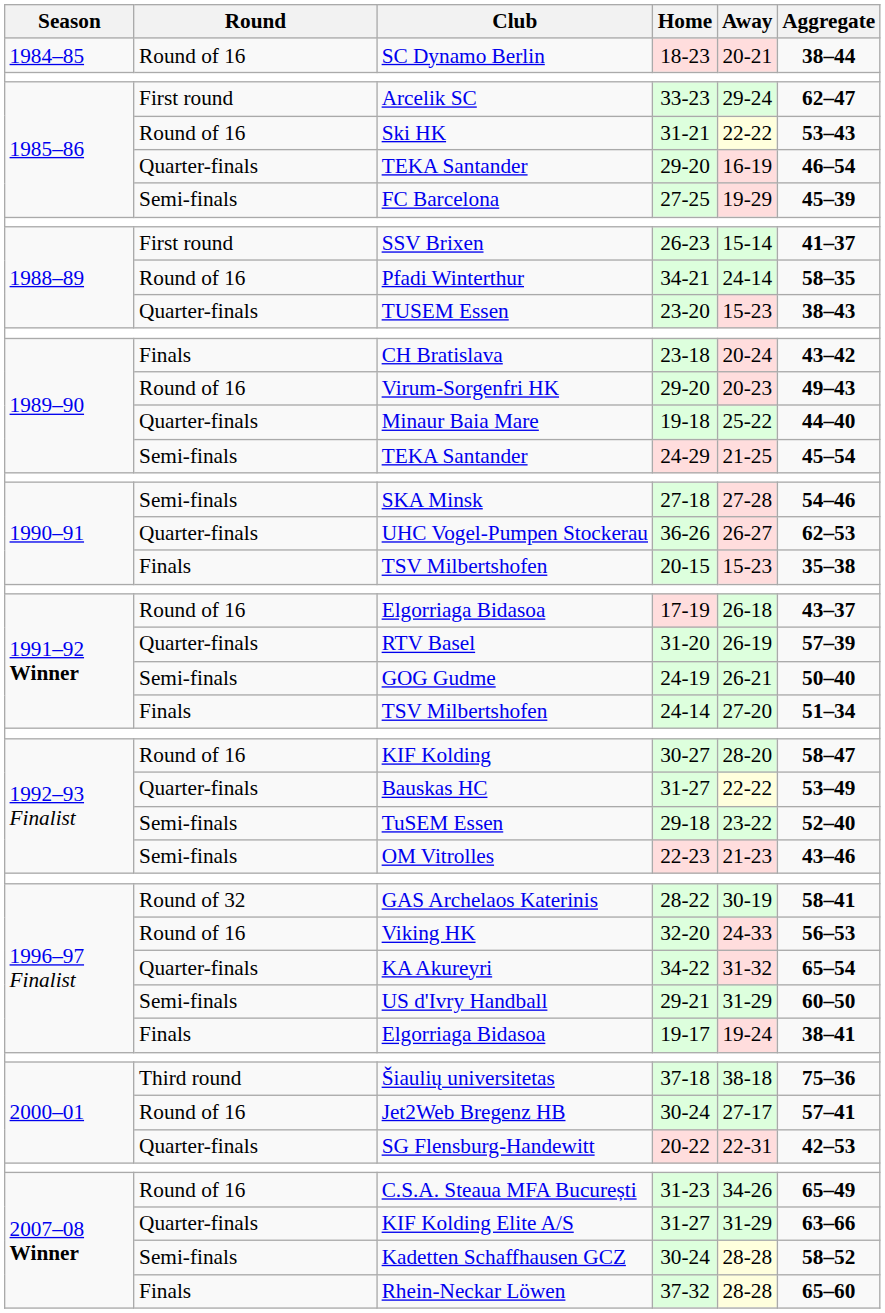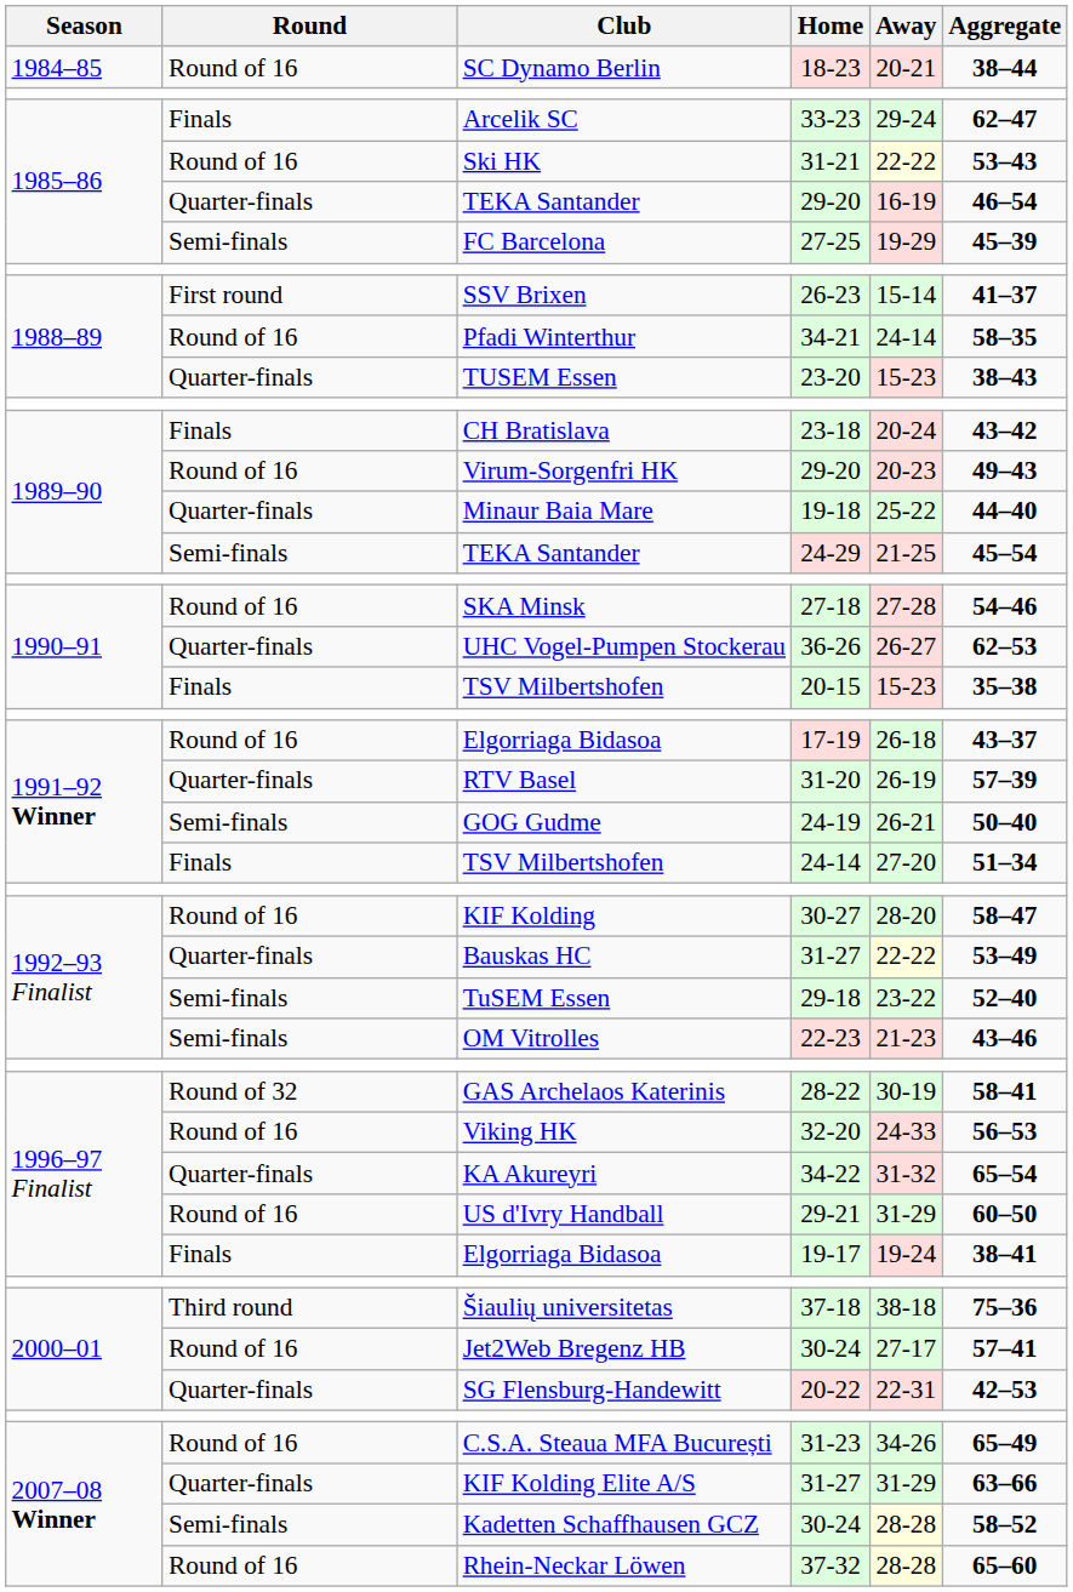 <table class="wikitable">
 <tr>
 <th width=90>Season</th>
 <th width=175>Round</th>
 <th>Club</th>
 <th>Home</th>
 <th>Away</th>
 <th>Aggregate</th>
 </tr>
 <tr>
 <td rowspan=1><a href='#'>1984–85</a></td>
 <td>Round of 16</td>
 <td> <a href='#'>SC Dynamo Berlin</a></td>
 <td style="text-align:center; background:#fdd;">18-23</td>
 <td style="text-align:center; background:#fdd;">20-21</td>
 <td style="text-align:center;"><strong>38–44</strong></td>
 </tr>
 <tr>
 <td colspan=7 style="text-align: center;" bgcolor=white></td>
 </tr>
 <tr>
 <td rowspan=4><a href='#'>1985–86</a></td>
-<td>First round</td>
+<td>Finals</td>
 <td> <a href='#'>Arcelik SC</a></td>
 <td style="text-align:center; background:#dfd;">33-23</td>
 <td style="text-align:center; background:#dfd;">29-24</td>
 <td style="text-align:center;"><strong>62–47</strong></td>
 </tr>
 <tr>
 <td>Round of 16</td>
 <td> <a href='#'>Ski HK</a></td>
 <td style="text-align:center; background:#dfd;">31-21</td>
 <td style="text-align:center; background:#ffd;">22-22</td>
 <td style="text-align:center;"><strong>53–43</strong></td>
 </tr>
 <tr>
 <td>Quarter-finals</td>
 <td> <a href='#'>TEKA Santander</a></td>
 <td style="text-align:center; background:#dfd;">29-20</td>
 <td style="text-align:center; background:#fdd;">16-19</td>
 <td style="text-align:center;"><strong>46–54</strong></td>
 </tr>
 <tr>
 <td>Semi-finals</td>
 <td> <a href='#'>FC Barcelona</a></td>
 <td style="text-align:center; background:#dfd;">27-25</td>
 <td style="text-align:center; background:#fdd;">19-29</td>
 <td style="text-align:center;"><strong>45–39</strong></td>
 </tr>
 <tr>
 <td colspan=7 style="text-align: center;" bgcolor=white></td>
 </tr>
 <tr>
 <td rowspan=3><a href='#'>1988–89</a></td>
 <td>First round</td>
 <td> <a href='#'>SSV Brixen</a></td>
 <td style="text-align:center; background:#dfd;">26-23</td>
 <td style="text-align:center; background:#dfd;">15-14</td>
 <td style="text-align:center;"><strong>41–37</strong></td>
 </tr>
 <tr>
 <td>Round of 16</td>
 <td> <a href='#'>Pfadi Winterthur</a></td>
 <td style="text-align:center; background:#dfd;">34-21</td>
 <td style="text-align:center; background:#dfd;">24-14</td>
 <td style="text-align:center;"><strong>58–35</strong></td>
 </tr>
 <tr>
 <td>Quarter-finals</td>
 <td> <a href='#'>TUSEM Essen</a></td>
 <td style="text-align:center; background:#dfd;">23-20</td>
 <td style="text-align:center; background:#fdd;">15-23</td>
 <td style="text-align:center;"><strong>38–43</strong></td>
 </tr>
 <tr>
 <td colspan=7 style="text-align: center;" bgcolor=white></td>
 </tr>
 <tr>
 <td rowspan=4><a href='#'>1989–90</a></td>
 <td>Finals</td>
 <td> <a href='#'>CH Bratislava</a></td>
 <td style="text-align:center; background:#dfd;">23-18</td>
 <td style="text-align:center; background:#fdd;">20-24</td>
 <td style="text-align:center;"><strong>43–42</strong></td>
 </tr>
 <tr>
 <td>Round of 16</td>
 <td> <a href='#'>Virum-Sorgenfri HK</a></td>
 <td style="text-align:center; background:#dfd;">29-20</td>
 <td style="text-align:center; background:#fdd;">20-23</td>
 <td style="text-align:center;"><strong>49–43</strong></td>
 </tr>
 <tr>
 <td>Quarter-finals</td>
 <td> <a href='#'>Minaur Baia Mare</a></td>
 <td style="text-align:center; background:#dfd;">19-18</td>
 <td style="text-align:center; background:#dfd;">25-22</td>
 <td style="text-align:center;"><strong>44–40</strong></td>
 </tr>
 <tr>
 <td>Semi-finals</td>
 <td> <a href='#'>TEKA Santander</a></td>
 <td style="text-align:center; background:#fdd;">24-29</td>
 <td style="text-align:center; background:#fdd;">21-25</td>
 <td style="text-align:center;"><strong>45–54</strong></td>
 </tr>
 <tr>
 <td colspan=7 style="text-align: center;" bgcolor=white></td>
 </tr>
 <tr>
 <td rowspan=3><a href='#'>1990–91</a></td>
-<td>Semi-finals</td>
+<td>Round of 16</td>
 <td> <a href='#'>SKA Minsk</a></td>
 <td style="text-align:center; background:#dfd;">27-18</td>
 <td style="text-align:center; background:#fdd;">27-28</td>
 <td style="text-align:center;"><strong>54–46</strong></td>
 </tr>
 <tr>
 <td>Quarter-finals</td>
 <td> <a href='#'>UHC Vogel-Pumpen Stockerau</a></td>
 <td style="text-align:center; background:#dfd;">36-26</td>
 <td style="text-align:center; background:#fdd;">26-27</td>
 <td style="text-align:center;"><strong>62–53</strong></td>
 </tr>
 <tr>
 <td>Finals</td>
 <td> <a href='#'>TSV Milbertshofen</a></td>
 <td style="text-align:center; background:#dfd;">20-15</td>
 <td style="text-align:center; background:#fdd;">15-23</td>
 <td style="text-align:center;"><strong>35–38</strong></td>
 </tr>
 <tr>
 <td colspan=7 style="text-align: center;" bgcolor=white></td>
 </tr>
 <tr>
 <td rowspan=4><a href='#'>1991–92</a><br> <strong>Winner</strong></td>
 <td>Round of 16</td>
 <td> <a href='#'>Elgorriaga Bidasoa</a></td>
 <td style="text-align:center; background:#fdd;">17-19</td>
 <td style="text-align:center; background:#dfd;">26-18</td>
 <td style="text-align:center;"><strong>43–37</strong></td>
 </tr>
 <tr>
 <td>Quarter-finals</td>
 <td> <a href='#'>RTV Basel</a></td>
 <td style="text-align:center; background:#dfd;">31-20</td>
 <td style="text-align:center; background:#dfd;">26-19</td>
 <td style="text-align:center;"><strong>57–39</strong></td>
 </tr>
 <tr>
 <td>Semi-finals</td>
 <td> <a href='#'>GOG Gudme</a></td>
 <td style="text-align:center; background:#dfd;">24-19</td>
 <td style="text-align:center; background:#dfd;">26-21</td>
 <td style="text-align:center;"><strong>50–40</strong></td>
 </tr>
 <tr>
 <td>Finals</td>
 <td> <a href='#'>TSV Milbertshofen</a></td>
 <td style="text-align:center; background:#dfd;">24-14</td>
 <td style="text-align:center; background:#dfd;">27-20</td>
 <td style="text-align:center;"><strong>51–34</strong></td>
 </tr>
 <tr>
 <td colspan=7 style="text-align: center;" bgcolor=white></td>
 </tr>
 <tr>
 <td rowspan=4><a href='#'>1992–93</a><br> <em>Finalist</em></td>
 <td>Round of 16</td>
 <td> <a href='#'>KIF Kolding</a></td>
 <td style="text-align:center; background:#dfd;">30-27</td>
 <td style="text-align:center; background:#dfd;">28-20</td>
 <td style="text-align:center;"><strong>58–47</strong></td>
 </tr>
 <tr>
 <td>Quarter-finals</td>
 <td> <a href='#'>Bauskas HC</a></td>
 <td style="text-align:center; background:#dfd;">31-27</td>
 <td style="text-align:center; background:#ffd;">22-22</td>
 <td style="text-align:center;"><strong>53–49</strong></td>
 </tr>
 <tr>
 <td>Semi-finals</td>
 <td> <a href='#'>TuSEM Essen</a></td>
 <td style="text-align:center; background:#dfd;">29-18</td>
 <td style="text-align:center; background:#dfd;">23-22</td>
 <td style="text-align:center;"><strong>52–40</strong></td>
 </tr>
 <tr>
 <td>Semi-finals</td>
 <td> <a href='#'>OM Vitrolles</a></td>
 <td style="text-align:center; background:#fdd;">22-23</td>
 <td style="text-align:center; background:#fdd;">21-23</td>
 <td style="text-align:center;"><strong>43–46</strong></td>
 </tr>
 <tr>
 <td colspan=7 style="text-align: center;" bgcolor=white></td>
 </tr>
 <tr>
 <td rowspan=5><a href='#'>1996–97</a><br> <em>Finalist</em></td>
 <td>Round of 32</td>
 <td> <a href='#'>GAS Archelaos Katerinis</a></td>
 <td style="text-align:center; background:#dfd;">28-22</td>
 <td style="text-align:center; background:#dfd;">30-19</td>
 <td style="text-align:center;"><strong>58–41</strong></td>
 </tr>
 <tr>
 <td>Round of 16</td>
 <td> <a href='#'>Viking HK</a></td>
 <td style="text-align:center; background:#dfd;">32-20</td>
 <td style="text-align:center; background:#fdd;">24-33</td>
 <td style="text-align:center;"><strong>56–53</strong></td>
 </tr>
 <tr>
 <td>Quarter-finals</td>
 <td> <a href='#'>KA Akureyri</a></td>
 <td style="text-align:center; background:#dfd;">34-22</td>
 <td style="text-align:center; background:#fdd;">31-32</td>
 <td style="text-align:center;"><strong>65–54</strong></td>
 </tr>
 <tr>
-<td>Semi-finals</td>
+<td>Round of 16</td>
 <td> <a href='#'>US d'Ivry Handball</a></td>
 <td style="text-align:center; background:#dfd;">29-21</td>
 <td style="text-align:center; background:#dfd;">31-29</td>
 <td style="text-align:center;"><strong>60–50</strong></td>
 </tr>
 <tr>
 <td>Finals</td>
 <td> <a href='#'>Elgorriaga Bidasoa</a></td>
 <td style="text-align:center; background:#dfd;">19-17</td>
 <td style="text-align:center; background:#fdd;">19-24</td>
 <td style="text-align:center;"><strong>38–41</strong></td>
 </tr>
 <tr>
 <td colspan=7 style="text-align: center;" bgcolor=white></td>
 </tr>
 <tr>
 <td rowspan=3><a href='#'>2000–01</a></td>
 <td>Third round</td>
 <td> <a href='#'>Šiaulių universitetas</a></td>
 <td style="text-align:center; background:#dfd;">37-18</td>
 <td style="text-align:center; background:#dfd;">38-18</td>
 <td style="text-align:center;"><strong>75–36</strong></td>
 </tr>
 <tr>
 <td>Round of 16</td>
 <td> <a href='#'>Jet2Web Bregenz HB</a></td>
 <td style="text-align:center; background:#dfd;">30-24</td>
 <td style="text-align:center; background:#dfd;">27-17</td>
 <td style="text-align:center;"><strong>57–41</strong></td>
 </tr>
 <tr>
 <td>Quarter-finals</td>
 <td> <a href='#'>SG Flensburg-Handewitt</a></td>
 <td style="text-align:center; background:#fdd;">20-22</td>
 <td style="text-align:center; background:#fdd;">22-31</td>
 <td style="text-align:center;"><strong>42–53</strong></td>
 </tr>
 <tr>
 <td colspan=7 style="text-align: center;" bgcolor=white></td>
 </tr>
 <tr>
 <td rowspan=4><a href='#'>2007–08</a><br> <strong>Winner</strong></td>
 <td>Round of 16</td>
 <td> <a href='#'>C.S.A. Steaua MFA București</a></td>
 <td style="text-align:center; background:#dfd;">31-23</td>
 <td style="text-align:center; background:#dfd;">34-26</td>
 <td style="text-align:center;"><strong>65–49</strong></td>
 </tr>
 <tr>
 <td>Quarter-finals</td>
 <td> <a href='#'>KIF Kolding Elite A/S</a></td>
 <td style="text-align:center; background:#dfd;">31-27</td>
 <td style="text-align:center; background:#dfd;">31-29</td>
 <td style="text-align:center;"><strong>63–66</strong></td>
 </tr>
 <tr>
 <td>Semi-finals</td>
 <td> <a href='#'>Kadetten Schaffhausen GCZ</a></td>
 <td style="text-align:center; background:#dfd;">30-24</td>
 <td style="text-align:center; background:#ffd;">28-28</td>
 <td style="text-align:center;"><strong>58–52</strong></td>
 </tr>
 <tr>
-<td>Finals</td>
+<td>Round of 16</td>
 <td> <a href='#'>Rhein-Neckar Löwen</a></td>
 <td style="text-align:center; background:#dfd;">37-32</td>
 <td style="text-align:center; background:#ffd;">28-28</td>
 <td style="text-align:center;"><strong>65–60</strong></td>
 </tr>
 </table>
